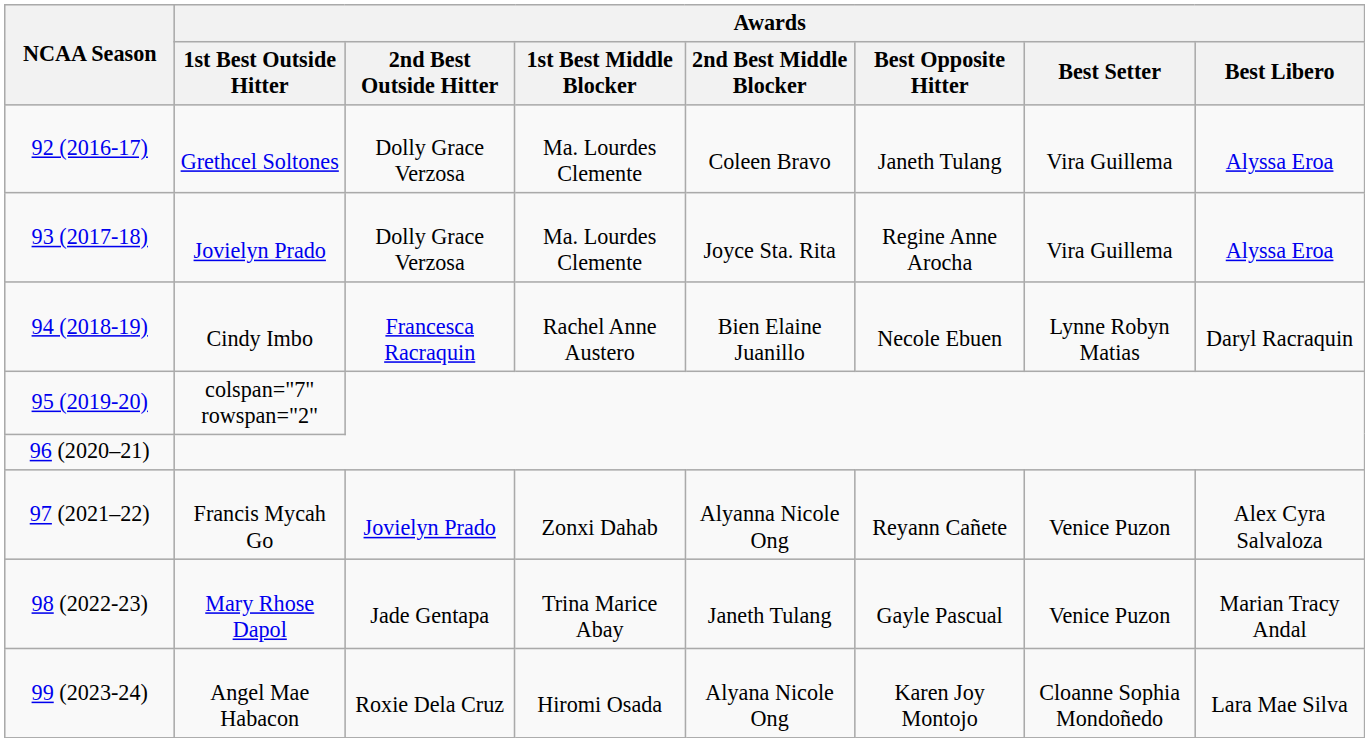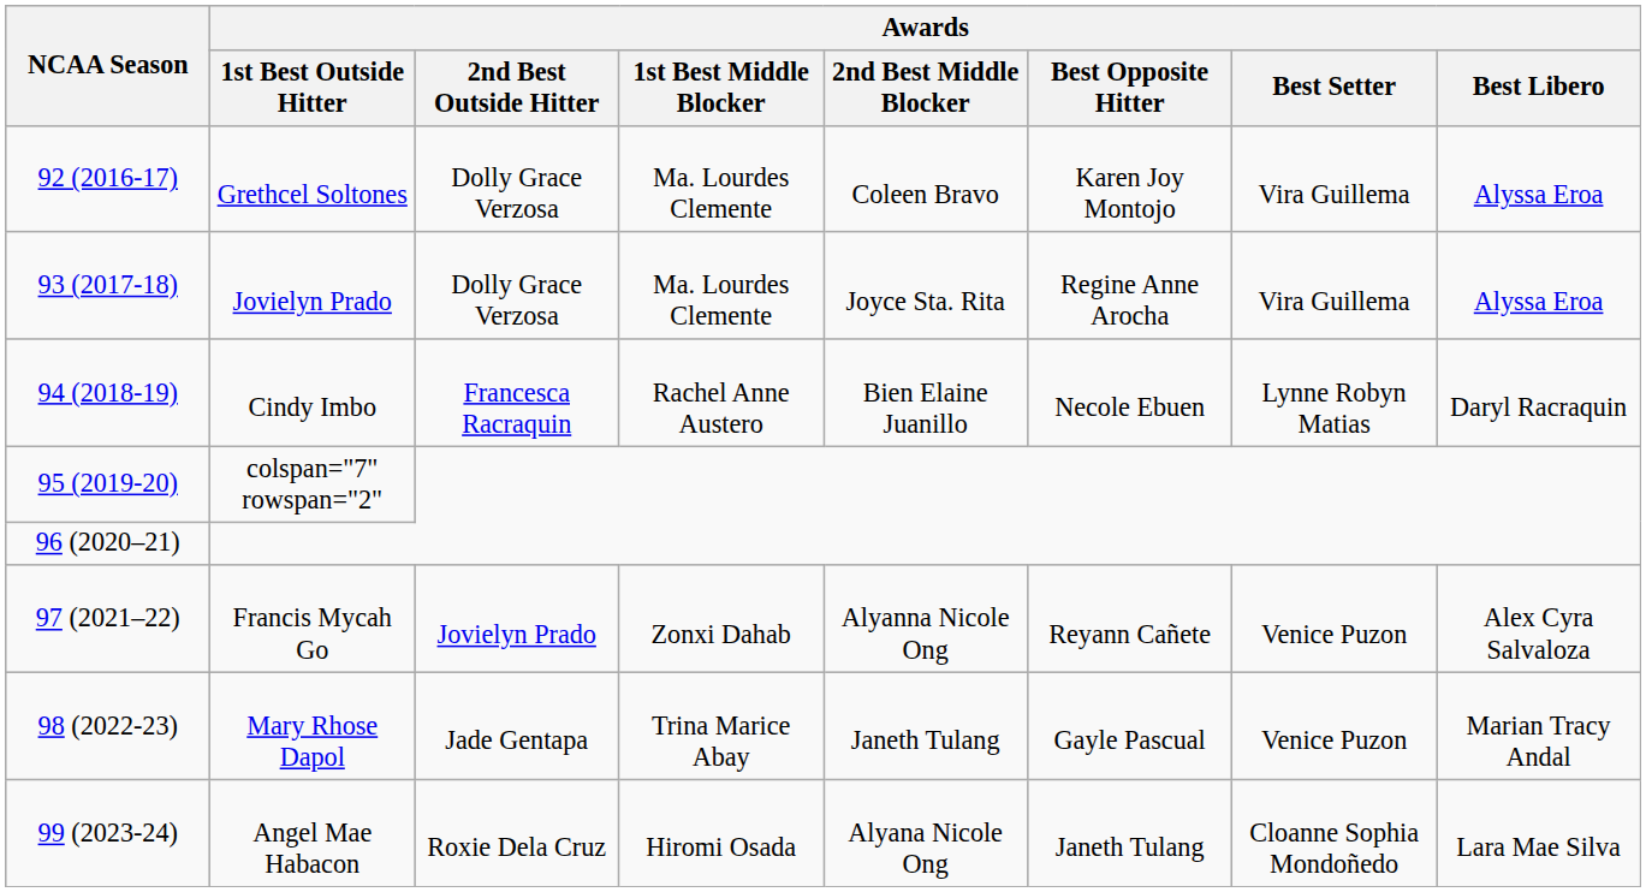 <table class="wikitable" width=100% style="font-size:90%; text-align:center;">
 <tr>
 <th width=10% rowspan=2>NCAA Season</th>
 <th colspan=7>Awards</th>
 </tr>
 <tr>
 <th width=10%>1st Best Outside Hitter</th>
 <th width=10%>2nd Best Outside Hitter</th>
 <th width=10%>1st Best Middle Blocker</th>
 <th width=10%>2nd Best Middle Blocker</th>
 <th width=10%>Best Opposite Hitter</th>
 <th width=10%>Best Setter</th>
 <th width=10%>Best Libero</th>
 </tr>
 <tr>
 <td><a href='#'>92 (2016-17)</a></td>
 <td><br><a href='#'>Grethcel Soltones</a></td>
 <td><br>Dolly Grace Verzosa</td>
 <td><br>Ma. Lourdes Clemente</td>
 <td><br>Coleen Bravo</td>
-<td><br> Janeth Tulang</td>
+<td><br>Karen Joy Montojo</td>
 <td><br>Vira Guillema</td>
 <td><br><a href='#'>Alyssa Eroa</a></td>
 </tr>
 <tr>
 <td><a href='#'>93 (2017-18)</a></td>
 <td><br><a href='#'>Jovielyn Prado</a></td>
 <td><br>Dolly Grace Verzosa</td>
 <td><br>Ma. Lourdes Clemente</td>
 <td><br>Joyce Sta. Rita</td>
 <td><br>Regine Anne Arocha</td>
 <td><br>Vira Guillema</td>
 <td><br><a href='#'>Alyssa Eroa</a></td>
 </tr>
 <tr>
 <td><a href='#'>94 (2018-19)</a></td>
 <td><br>Cindy Imbo</td>
 <td><br><a href='#'>Francesca Racraquin</a></td>
 <td><br>Rachel Anne Austero</td>
 <td><br>Bien Elaine Juanillo</td>
 <td><br>Necole Ebuen</td>
 <td><br>Lynne Robyn Matias</td>
 <td><br>Daryl Racraquin</td>
 </tr>
 <tr>
 <td><a href='#'>95 (2019-20)</a></td>
 <td>colspan="7" rowspan="2" </td>
 </tr>
 <tr>
 <td align="center"><a href='#'>96</a> (2020–21)</td>
 </tr>
 <tr>
 <td align="center"><a href='#'>97</a> (2021–22)</td>
 <td><br>Francis Mycah Go</td>
 <td><br><a href='#'>Jovielyn Prado</a></td>
 <td><br>Zonxi Dahab</td>
 <td><br>Alyanna Nicole Ong</td>
 <td><br>Reyann Cañete</td>
 <td><br>Venice Puzon</td>
 <td><br>Alex Cyra Salvaloza</td>
 </tr>
 <tr>
 <td><a href='#'>98</a> (2022-23)</td>
 <td><br><a href='#'>Mary Rhose Dapol</a></td>
 <td><br>Jade Gentapa</td>
 <td><br>Trina Marice Abay</td>
 <td><br>Janeth Tulang</td>
 <td><br>Gayle Pascual</td>
 <td><br>Venice Puzon</td>
 <td><br>Marian Tracy Andal</td>
 </tr>
 <tr>
 <td><a href='#'>99</a> (2023-24)</td>
 <td><br> Angel Mae Habacon</td>
 <td><br> Roxie Dela Cruz</td>
 <td><br> Hiromi Osada</td>
 <td><br> Alyana Nicole Ong</td>
-<td><br>Karen Joy Montojo</td>
+<td><br> Janeth Tulang</td>
 <td><br> Cloanne Sophia Mondoñedo</td>
 <td><br> Lara Mae Silva</td>
 </tr>
 </table>
